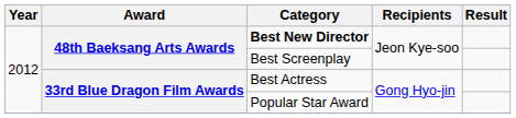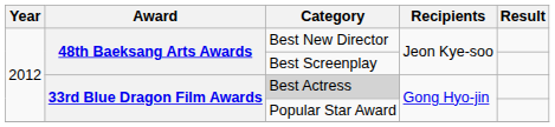 <table class="wikitable plainrowheaders sortable">
 <tr>
 <th scope="col">Year</th>
 <th scope="col">Award</th>
 <th scope="col">Category</th>
 <th scope="col">Recipients</th>
 <th scope="col">Result</th>
 </tr>
 <tr>
 <td rowspan="4">2012</td>
 <th rowspan="2" scope="row"><a href='#'>48th Baeksang Arts Awards</a></th>
-<td><strong>Best New Director</strong></td>
+<td>Best New Director</td>
 <td rowspan="2">Jeon Kye-soo</td>
 <td></td>
 </tr>
 <tr>
 <td>Best Screenplay</td>
 <td></td>
 </tr>
 <tr>
 <th rowspan="2" scope="row"><a href='#'>33rd Blue Dragon Film Awards</a></th>
-<td>Best Actress</td>
+<td style="background: lightgrey;">Best Actress</td>
 <td rowspan="2"><a href='#'>Gong Hyo-jin</a></td>
 <td></td>
 </tr>
 <tr>
 <td>Popular Star Award</td>
 <td></td>
 </tr>
 <tr>
 </tr>
 </table>
